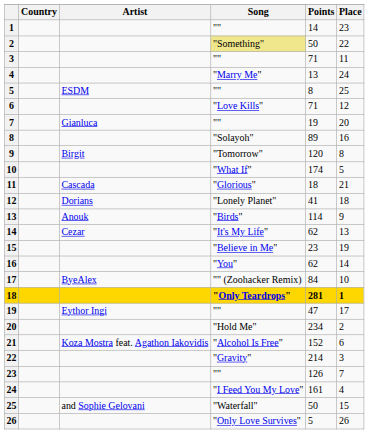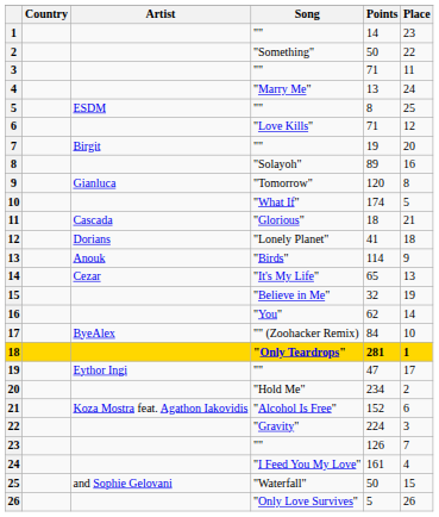 <table class="sortable wikitable plainrowheaders">
 <tr>
 </tr>
 <tr>
 <th scope="col"></th>
 <th scope="col">Country</th>
 <th scope="col">Artist</th>
 <th scope="col">Song</th>
 <th scope="col">Points</th>
 <th scope="col">Place</th>
 </tr>
 <tr>
 <th scope="row" style="text-align:center;">1</th>
 <td></td>
 <td></td>
 <td>""</td>
 <td>14</td>
 <td>23</td>
 </tr>
 <tr>
 <th scope="row" style="text-align:center;">2</th>
 <td></td>
 <td></td>
-<td style="background: khaki;">"Something"</td>
+<td>"Something"</td>
 <td>50</td>
 <td>22</td>
 </tr>
 <tr>
 <th scope="row" style="text-align:center;">3</th>
 <td></td>
 <td></td>
 <td>""</td>
 <td>71</td>
 <td>11</td>
 </tr>
 <tr>
 <th scope="row" style="text-align:center;">4</th>
 <td></td>
 <td></td>
 <td>"<a href='#'>Marry Me</a>"</td>
 <td>13</td>
 <td>24</td>
 </tr>
 <tr>
 <th scope="row" style="text-align:center;">5</th>
 <td></td>
 <td><a href='#'>ESDM</a></td>
 <td>""</td>
 <td>8</td>
 <td>25</td>
 </tr>
 <tr>
 <th scope="row" style="text-align:center;">6</th>
 <td></td>
 <td></td>
 <td>"<a href='#'>Love Kills</a>"</td>
 <td>71</td>
 <td>12</td>
 </tr>
 <tr>
 <th scope="row" style="text-align:center;">7</th>
 <td></td>
-<td><a href='#'>Gianluca</a></td>
+<td><a href='#'>Birgit</a></td>
 <td>""</td>
 <td>19</td>
 <td>20</td>
 </tr>
 <tr>
 <th scope="row" style="text-align:center;">8</th>
 <td></td>
 <td></td>
 <td>"Solayoh"</td>
 <td>89</td>
 <td>16</td>
 </tr>
 <tr>
 <th scope="row" style="text-align:center;">9</th>
 <td></td>
-<td><a href='#'>Birgit</a></td>
+<td><a href='#'>Gianluca</a></td>
 <td>"Tomorrow"</td>
 <td>120</td>
 <td>8</td>
 </tr>
 <tr>
 <th scope="row" style="text-align:center;">10</th>
 <td></td>
 <td></td>
 <td>"<a href='#'>What If</a>"</td>
 <td>174</td>
 <td>5</td>
 </tr>
 <tr>
 <th scope="row" style="text-align:center;">11</th>
 <td></td>
 <td><a href='#'>Cascada</a></td>
 <td>"<a href='#'>Glorious</a>"</td>
 <td>18</td>
 <td>21</td>
 </tr>
 <tr>
 <th scope="row" style="text-align:center;">12</th>
 <td></td>
 <td><a href='#'>Dorians</a></td>
 <td>"Lonely Planet"</td>
 <td>41</td>
 <td>18</td>
 </tr>
 <tr>
 <th scope="row" style="text-align:center;">13</th>
 <td></td>
 <td><a href='#'>Anouk</a></td>
 <td>"<a href='#'>Birds</a>"</td>
 <td>114</td>
 <td>9</td>
 </tr>
 <tr>
 <th scope="row" style="text-align:center;">14</th>
 <td></td>
 <td><a href='#'>Cezar</a></td>
 <td>"<a href='#'>It's My Life</a>"</td>
-<td>62</td>
+<td>65</td>
 <td>13</td>
 </tr>
 <tr>
 <th scope="row" style="text-align:center;">15</th>
 <td></td>
 <td></td>
 <td>"<a href='#'>Believe in Me</a>"</td>
-<td>23</td>
+<td>32</td>
 <td>19</td>
 </tr>
 <tr>
 <th scope="row" style="text-align:center;">16</th>
 <td></td>
 <td></td>
 <td>"<a href='#'>You</a>"</td>
 <td>62</td>
 <td>14</td>
 </tr>
 <tr>
 <th scope="row" style="text-align:center;">17</th>
 <td></td>
 <td><a href='#'>ByeAlex</a></td>
 <td>"" (Zoohacker Remix)</td>
 <td>84</td>
 <td>10</td>
 </tr>
 <tr style="font-weight:bold; background:gold;">
 <th scope="row" style="text-align:center; font-weight:bold; background:gold;">18</th>
 <td></td>
 <td></td>
 <td>"<a href='#'>Only Teardrops</a>"</td>
 <td>281</td>
 <td>1</td>
 </tr>
 <tr>
 <th scope="row" style="text-align:center;">19</th>
 <td></td>
 <td><a href='#'>Eythor Ingi</a></td>
 <td>""</td>
 <td>47</td>
 <td>17</td>
 </tr>
 <tr>
 <th scope="row" style="text-align:center;">20</th>
 <td></td>
 <td></td>
 <td>"Hold Me"</td>
 <td>234</td>
 <td>2</td>
 </tr>
 <tr>
 <th scope="row" style="text-align:center;">21</th>
 <td></td>
 <td><a href='#'>Koza Mostra</a> feat. <a href='#'>Agathon Iakovidis</a></td>
 <td>"<a href='#'>Alcohol Is Free</a>"</td>
 <td>152</td>
 <td>6</td>
 </tr>
 <tr>
 <th scope="row" style="text-align:center;">22</th>
 <td></td>
 <td></td>
 <td>"<a href='#'>Gravity</a>"</td>
-<td>214</td>
+<td>224</td>
 <td>3</td>
 </tr>
 <tr>
 <th scope="row" style="text-align:center;">23</th>
 <td></td>
 <td></td>
 <td>""</td>
 <td>126</td>
 <td>7</td>
 </tr>
 <tr>
 <th scope="row" style="text-align:center;">24</th>
 <td></td>
 <td></td>
 <td>"<a href='#'>I Feed You My Love</a>"</td>
 <td>161</td>
 <td>4</td>
 </tr>
 <tr>
 <th scope="row" style="text-align:center;">25</th>
 <td></td>
 <td> and <a href='#'>Sophie Gelovani</a></td>
 <td>"Waterfall"</td>
 <td>50</td>
 <td>15</td>
 </tr>
 <tr>
 <th scope="row" style="text-align:center;">26</th>
 <td></td>
 <td></td>
 <td>"<a href='#'>Only Love Survives</a>"</td>
 <td>5</td>
 <td>26</td>
 </tr>
 </table>
